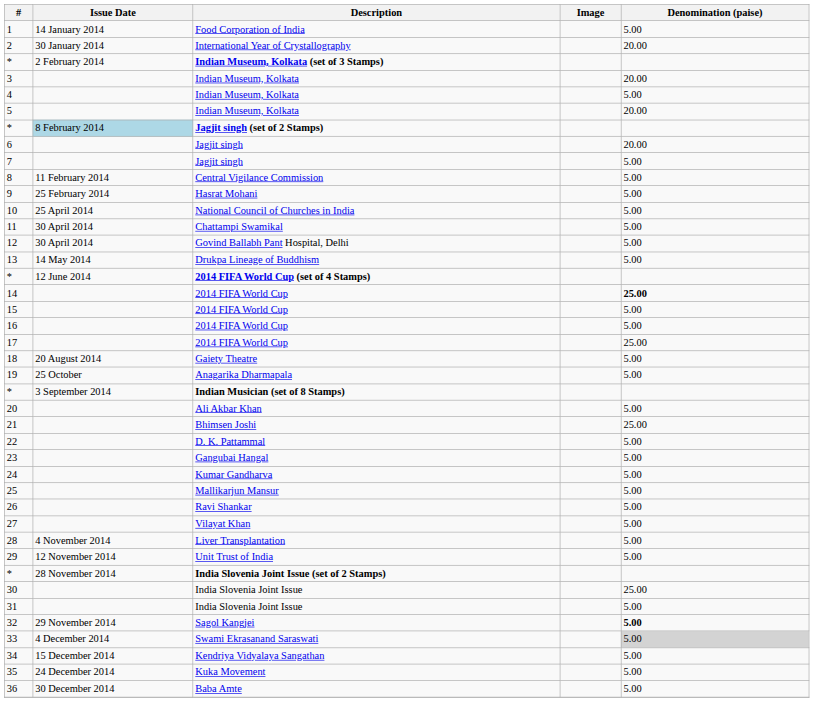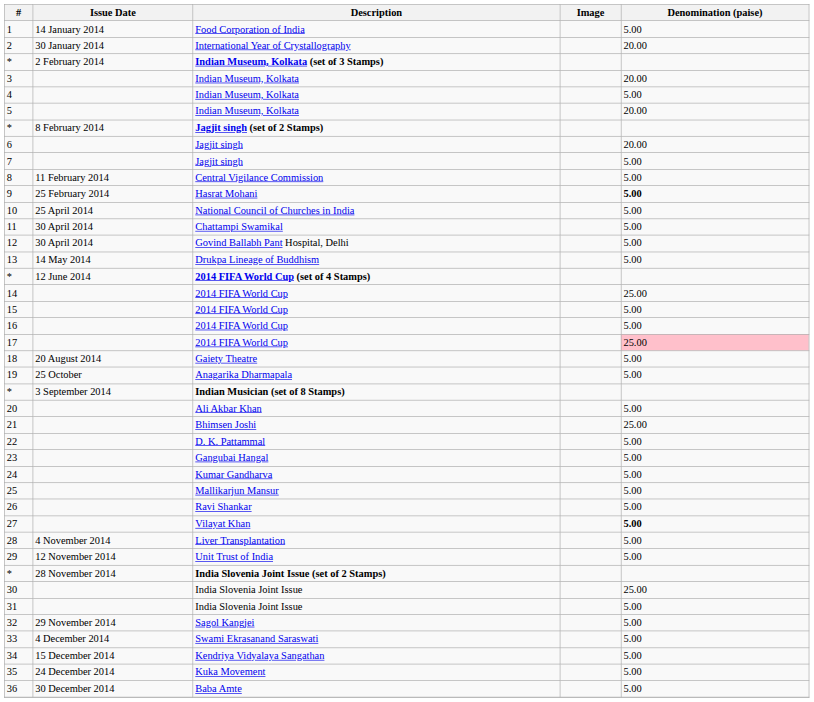 <table class = "wikitable"  style = "text-align:justify" width = "98%">
 <tr>
 <th>#</th>
 <th>Issue Date</th>
 <th>Description</th>
 <th>Image</th>
 <th>Denomination (paise)</th>
 </tr>
 <tr>
 <td>1</td>
 <td>14 January 2014</td>
 <td><a href='#'>Food Corporation of India</a></td>
 <td></td>
 <td>5.00</td>
 </tr>
 <tr>
 <td>2</td>
 <td>30 January 2014</td>
 <td><a href='#'>International Year of Crystallography</a></td>
 <td></td>
 <td>20.00</td>
 </tr>
 <tr>
 <td>*</td>
 <td>2 February 2014</td>
 <td><strong><a href='#'>Indian Museum, Kolkata</a> (set of 3 Stamps)</strong></td>
 <td></td>
 <td></td>
 </tr>
 <tr>
 <td>3</td>
 <td></td>
 <td><a href='#'>Indian Museum, Kolkata</a></td>
 <td></td>
 <td>20.00</td>
 </tr>
 <tr>
 <td>4</td>
 <td></td>
 <td><a href='#'>Indian Museum, Kolkata</a></td>
 <td></td>
 <td>5.00</td>
 </tr>
 <tr>
 <td>5</td>
 <td></td>
 <td><a href='#'>Indian Museum, Kolkata</a></td>
 <td></td>
 <td>20.00</td>
 </tr>
 <tr>
 <td>*</td>
-<td style="background: lightblue;">8 February 2014</td>
+<td>8 February 2014</td>
 <td><strong><a href='#'>Jagjit singh</a> (set of 2 Stamps)</strong></td>
 <td></td>
 <td></td>
 </tr>
 <tr>
 <td>6</td>
 <td></td>
 <td><a href='#'>Jagjit singh</a></td>
 <td></td>
 <td>20.00</td>
 </tr>
 <tr>
 <td>7</td>
 <td></td>
 <td><a href='#'>Jagjit singh</a></td>
 <td></td>
 <td>5.00</td>
 </tr>
 <tr>
 <td>8</td>
 <td>11 February 2014</td>
 <td><a href='#'>Central Vigilance Commission</a></td>
 <td></td>
 <td>5.00</td>
 </tr>
 <tr>
 <td>9</td>
 <td>25 February 2014</td>
 <td><a href='#'>Hasrat Mohani</a></td>
 <td></td>
-<td>5.00</td>
+<td><strong>5.00</strong></td>
 </tr>
 <tr>
 <td>10</td>
 <td>25 April 2014</td>
 <td><a href='#'>National Council of Churches in India</a></td>
 <td></td>
 <td>5.00</td>
 </tr>
 <tr>
 <td>11</td>
 <td>30 April 2014</td>
 <td><a href='#'>Chattampi Swamikal</a></td>
 <td></td>
 <td>5.00</td>
 </tr>
 <tr>
 <td>12</td>
 <td>30 April 2014</td>
 <td><a href='#'>Govind Ballabh Pant</a> Hospital, Delhi</td>
 <td></td>
 <td>5.00</td>
 </tr>
 <tr>
 <td>13</td>
 <td>14 May 2014</td>
 <td><a href='#'>Drukpa Lineage of Buddhism</a></td>
 <td></td>
 <td>5.00</td>
 </tr>
 <tr>
 <td>*</td>
 <td>12 June 2014</td>
 <td><strong><a href='#'>2014 FIFA World Cup</a> (set of 4 Stamps)</strong></td>
 <td></td>
 <td></td>
 </tr>
 <tr>
 <td>14</td>
 <td></td>
 <td><a href='#'>2014 FIFA World Cup</a></td>
 <td></td>
-<td><strong>25.00</strong></td>
+<td>25.00</td>
 </tr>
 <tr>
 <td>15</td>
 <td></td>
 <td><a href='#'>2014 FIFA World Cup</a></td>
 <td></td>
 <td>5.00</td>
 </tr>
 <tr>
 <td>16</td>
 <td></td>
 <td><a href='#'>2014 FIFA World Cup</a></td>
 <td></td>
 <td>5.00</td>
 </tr>
 <tr>
 <td>17</td>
 <td></td>
 <td><a href='#'>2014 FIFA World Cup</a></td>
 <td></td>
-<td>25.00</td>
+<td style="background: pink;">25.00</td>
 </tr>
 <tr>
 <td>18</td>
 <td>20 August 2014</td>
 <td><a href='#'>Gaiety Theatre</a></td>
 <td></td>
 <td>5.00</td>
 </tr>
 <tr>
 <td>19</td>
 <td>25 October</td>
 <td><a href='#'>Anagarika Dharmapala</a></td>
 <td></td>
 <td>5.00</td>
 </tr>
 <tr>
 <td>*</td>
 <td>3 September 2014</td>
 <td><strong>Indian Musician (set of 8 Stamps)</strong></td>
 <td></td>
 <td></td>
 </tr>
 <tr>
 <td>20</td>
 <td></td>
 <td><a href='#'>Ali Akbar Khan</a></td>
 <td></td>
 <td>5.00</td>
 </tr>
 <tr>
 <td>21</td>
 <td></td>
 <td><a href='#'>Bhimsen Joshi</a></td>
 <td></td>
 <td>25.00</td>
 </tr>
 <tr>
 <td>22</td>
 <td></td>
 <td><a href='#'>D. K. Pattammal</a></td>
 <td></td>
 <td>5.00</td>
 </tr>
 <tr>
 <td>23</td>
 <td></td>
 <td><a href='#'>Gangubai Hangal</a></td>
 <td></td>
 <td>5.00</td>
 </tr>
 <tr>
 <td>24</td>
 <td></td>
 <td><a href='#'>Kumar Gandharva</a></td>
 <td></td>
 <td>5.00</td>
 </tr>
 <tr>
 <td>25</td>
 <td></td>
 <td><a href='#'>Mallikarjun Mansur</a></td>
 <td></td>
 <td>5.00</td>
 </tr>
 <tr>
 <td>26</td>
 <td></td>
 <td><a href='#'>Ravi Shankar</a></td>
 <td></td>
 <td>5.00</td>
 </tr>
 <tr>
 <td>27</td>
 <td></td>
 <td><a href='#'>Vilayat Khan</a></td>
 <td></td>
-<td>5.00</td>
+<td><strong>5.00</strong></td>
 </tr>
 <tr>
 <td>28</td>
 <td>4 November 2014</td>
 <td><a href='#'>Liver Transplantation</a></td>
 <td></td>
 <td>5.00</td>
 </tr>
 <tr>
 <td>29</td>
 <td>12 November 2014</td>
 <td><a href='#'>Unit Trust of India</a></td>
 <td></td>
 <td>5.00</td>
 </tr>
 <tr>
 <td>*</td>
 <td>28 November 2014</td>
 <td><strong>India Slovenia Joint Issue (set of 2 Stamps)</strong></td>
 <td></td>
 <td></td>
 </tr>
 <tr>
 <td>30</td>
 <td></td>
 <td>India Slovenia Joint Issue</td>
 <td></td>
 <td>25.00</td>
 </tr>
 <tr>
 <td>31</td>
 <td></td>
 <td>India Slovenia Joint Issue</td>
 <td></td>
 <td>5.00</td>
 </tr>
 <tr>
 <td>32</td>
 <td>29 November 2014</td>
 <td><a href='#'>Sagol Kangjei</a></td>
 <td></td>
-<td><strong>5.00</strong></td>
+<td>5.00</td>
 </tr>
 <tr>
 <td>33</td>
 <td>4 December 2014</td>
 <td><a href='#'>Swami Ekrasanand Saraswati</a></td>
 <td></td>
-<td style="background: lightgrey;">5.00</td>
+<td>5.00</td>
 </tr>
 <tr>
 <td>34</td>
 <td>15 December 2014</td>
 <td><a href='#'>Kendriya Vidyalaya Sangathan</a></td>
 <td></td>
 <td>5.00</td>
 </tr>
 <tr>
 <td>35</td>
 <td>24 December 2014</td>
 <td><a href='#'>Kuka Movement</a></td>
 <td></td>
 <td>5.00</td>
 </tr>
 <tr>
 <td>36</td>
 <td>30 December 2014</td>
 <td><a href='#'>Baba Amte</a></td>
 <td></td>
 <td>5.00</td>
 </tr>
 <tr>
 </tr>
 </table>
